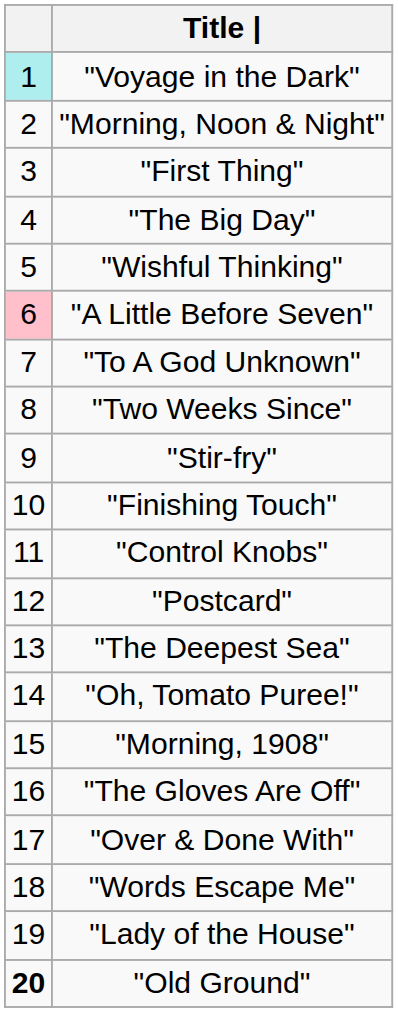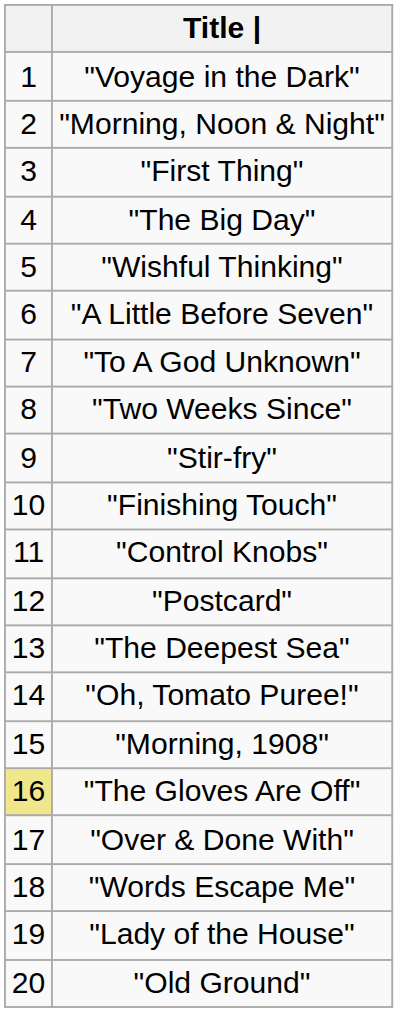 <table class="wikitable sortable" style="text-align:center">
 <tr>
 <th scope="col"></th>
 <th scope="col">Title |</th>
 </tr>
 <tr>
-<td style="background: paleturquoise;">1</td>
+<td>1</td>
 <td>"Voyage in the Dark"</td>
 </tr>
 <tr>
 <td>2</td>
 <td>"Morning, Noon & Night"</td>
 </tr>
 <tr>
 <td>3</td>
 <td>"First Thing"</td>
 </tr>
 <tr>
 <td>4</td>
 <td>"The Big Day"</td>
 </tr>
 <tr>
 <td>5</td>
 <td>"Wishful Thinking"</td>
 </tr>
 <tr>
-<td style="background: pink;">6</td>
+<td>6</td>
 <td>"A Little Before Seven"</td>
 </tr>
 <tr>
 <td>7</td>
 <td>"To A God Unknown"</td>
 </tr>
 <tr>
 <td>8</td>
 <td>"Two Weeks Since"</td>
 </tr>
 <tr>
 <td>9</td>
 <td>"Stir-fry"</td>
 </tr>
 <tr>
 <td>10</td>
 <td>"Finishing Touch"</td>
 </tr>
 <tr>
 <td>11</td>
 <td>"Control Knobs"</td>
 </tr>
 <tr>
 <td>12</td>
 <td>"Postcard"</td>
 </tr>
 <tr>
 <td>13</td>
 <td>"The Deepest Sea"</td>
 </tr>
 <tr>
 <td>14</td>
 <td>"Oh, Tomato Puree!"</td>
 </tr>
 <tr>
 <td>15</td>
 <td>"Morning, 1908"</td>
 </tr>
 <tr>
-<td>16</td>
+<td style="background: khaki;">16</td>
 <td>"The Gloves Are Off"</td>
 </tr>
 <tr>
 <td>17</td>
 <td>"Over & Done With"</td>
 </tr>
 <tr>
 <td>18</td>
 <td>"Words Escape Me"</td>
 </tr>
 <tr>
 <td>19</td>
 <td>"Lady of the House"</td>
 </tr>
 <tr>
-<td><strong>20</strong></td>
+<td>20</td>
 <td>"Old Ground"</td>
 </tr>
 </table>
